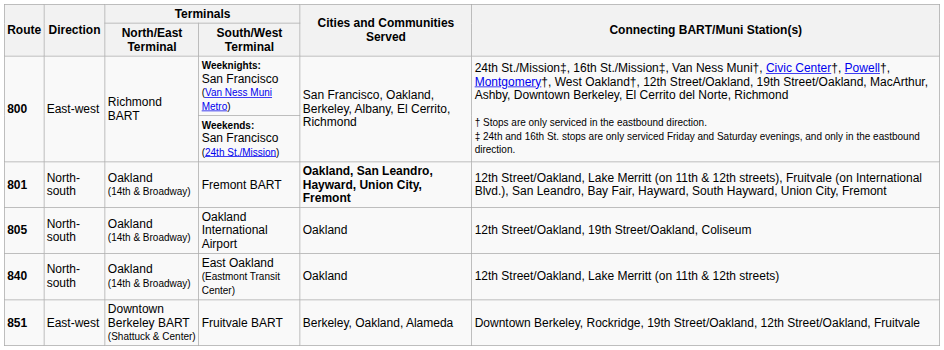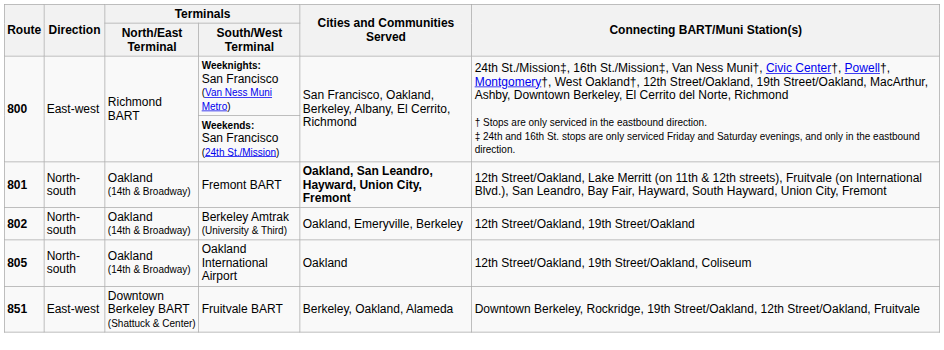 <table class="wikitable">
 <tr>
 <th rowspan="2">Route</th>
 <th rowspan="2">Direction</th>
 <th colspan="2">Terminals</th>
 <th rowspan="2">Cities and Communities Served</th>
 <th rowspan="2">Connecting BART/Muni Station(s)</th>
 </tr>
 <tr>
 <th>North/East Terminal</th>
 <th>South/West Terminal</th>
 </tr>
 <tr>
 <td rowspan="2"><strong>800</strong></td>
 <td rowspan="2">East-west</td>
 <td rowspan="2">Richmond BART</td>
 <td><small><strong>Weeknights:</strong></small><br>San Francisco<br><small>(<a href='#'>Van Ness Muni Metro</a>)</small></td>
 <td rowspan="2">San Francisco, Oakland, Berkeley, Albany, El Cerrito, Richmond</td>
 <td rowspan="2">24th St./Mission‡, 16th St./Mission‡, Van Ness Muni†, <a href='#'>Civic Center</a>†, <a href='#'>Powell</a>†, <a href='#'>Montgomery</a>†, West Oakland†, 12th Street/Oakland, 19th Street/Oakland, MacArthur, Ashby, Downtown Berkeley, El Cerrito del Norte, Richmond<br><br><small>† Stops are only serviced in the eastbound direction.</small><br> <small>‡ 24th and 16th St. stops are only serviced Friday and Saturday evenings, and only in the eastbound direction.</small></td>
 </tr>
 <tr>
 <td><small><strong>Weekends:</strong></small><br>San Francisco<br><small>(<a href='#'>24th St./Mission</a>)</small></td>
 </tr>
 <tr>
 <td><strong>801</strong></td>
 <td>North-south</td>
 <td>Oakland<br><small>(14th & Broadway)</small></td>
 <td>Fremont BART</td>
 <td><strong>Oakland, San Leandro, Hayward, Union City, Fremont</strong></td>
 <td>12th Street/Oakland, Lake Merritt (on 11th & 12th streets), Fruitvale (on International Blvd.), San Leandro, Bay Fair, Hayward, South Hayward, Union City, Fremont</td>
 </tr>
 <tr>
+<td><strong>802</strong></td>
+<td>North-south</td>
+<td>Oakland<br><small>(14th & Broadway)</small></td>
+<td>Berkeley Amtrak<br><small>(University & Third)</small></td>
+<td>Oakland, Emeryville, Berkeley</td>
+<td>12th Street/Oakland, 19th Street/Oakland</td>
+</tr>
+<tr>
 <td><strong>805</strong></td>
 <td>North-south</td>
 <td>Oakland<br><small>(14th & Broadway)</small></td>
 <td>Oakland International Airport</td>
 <td>Oakland</td>
 <td>12th Street/Oakland, 19th Street/Oakland, Coliseum</td>
-</tr>
-<tr>
-<td><strong>840</strong></td>
-<td>North-south</td>
-<td>Oakland<br><small>(14th & Broadway)</small></td>
-<td>East Oakland<br><small>(Eastmont Transit Center)</small></td>
-<td>Oakland</td>
-<td>12th Street/Oakland, Lake Merritt (on 11th & 12th streets)</td>
 </tr>
 <tr>
 <td><strong>851</strong></td>
 <td>East-west</td>
 <td>Downtown Berkeley BART<br><small>(Shattuck & Center)</small></td>
 <td>Fruitvale BART</td>
 <td>Berkeley, Oakland, Alameda</td>
 <td>Downtown Berkeley, Rockridge, 19th Street/Oakland, 12th Street/Oakland, Fruitvale</td>
 </tr>
 </table>
